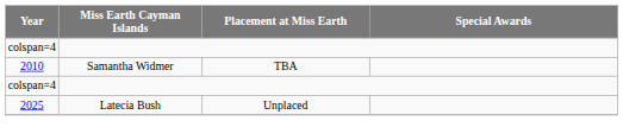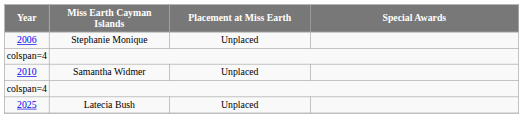 <table class="wikitable sortable" style="font-size: 90%; text-align:center">
 <tr>
 <th width="30" style="background-color:#787878;color:#FFFFFF;">Year</th>
 <th width="170" style="background-color:#787878;color:#FFFFFF;">Miss Earth Cayman Islands</th>
 <th width="200" style="background-color:#787878;color:#FFFFFF;">Placement at Miss Earth</th>
 <th width="300" style="background-color:#787878;color:#FFFFFF;">Special Awards</th>
 </tr>
 <tr>
+<td><a href='#'>2006</a></td>
+<td>Stephanie Monique</td>
+<td>Unplaced</td>
+<td></td>
+</tr>
+<tr>
 <td>colspan=4 </td>
 </tr>
 <tr>
 <td><a href='#'>2010</a></td>
 <td>Samantha Widmer</td>
-<td>TBA</td>
+<td>Unplaced</td>
 <td></td>
 </tr>
 <tr>
 <td>colspan=4 </td>
 </tr>
 <tr>
 <td><a href='#'>2025</a></td>
 <td>Latecia Bush</td>
 <td>Unplaced</td>
 <td></td>
 </tr>
 <tr>
 </tr>
 </table>
